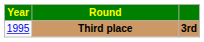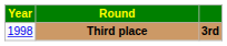 <table class="wikitable" style="text-align: center; font-size:90%">
 <tr style="color:yellow;">
 <th style="background:green;">Year</th>
 <th style="background:green; width:200px">Round</th>
 <th style="background:green;"></th>
 </tr>
 <tr>
-<td><a href='#'>1995</a></td>
+<td><a href='#'>1998</a></td>
 <td bgcolor="cc9966"><strong>Third place</strong></td>
 <td bgcolor="cc9966"><strong>3rd</strong></td>
 </tr>
 </table>
